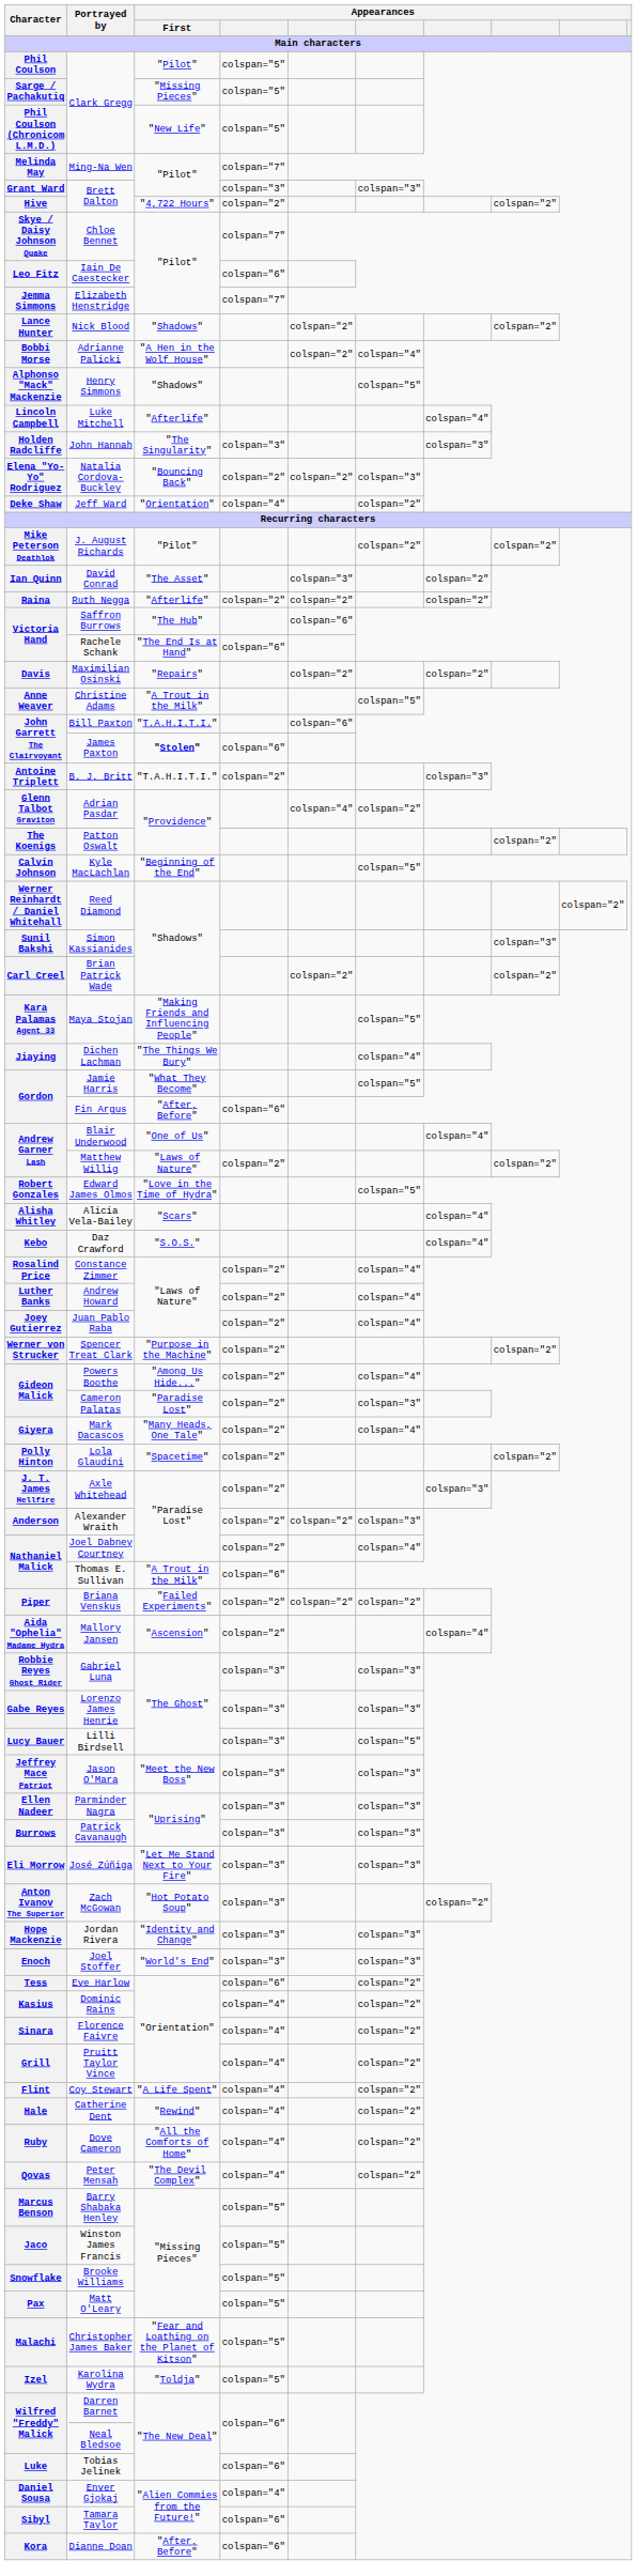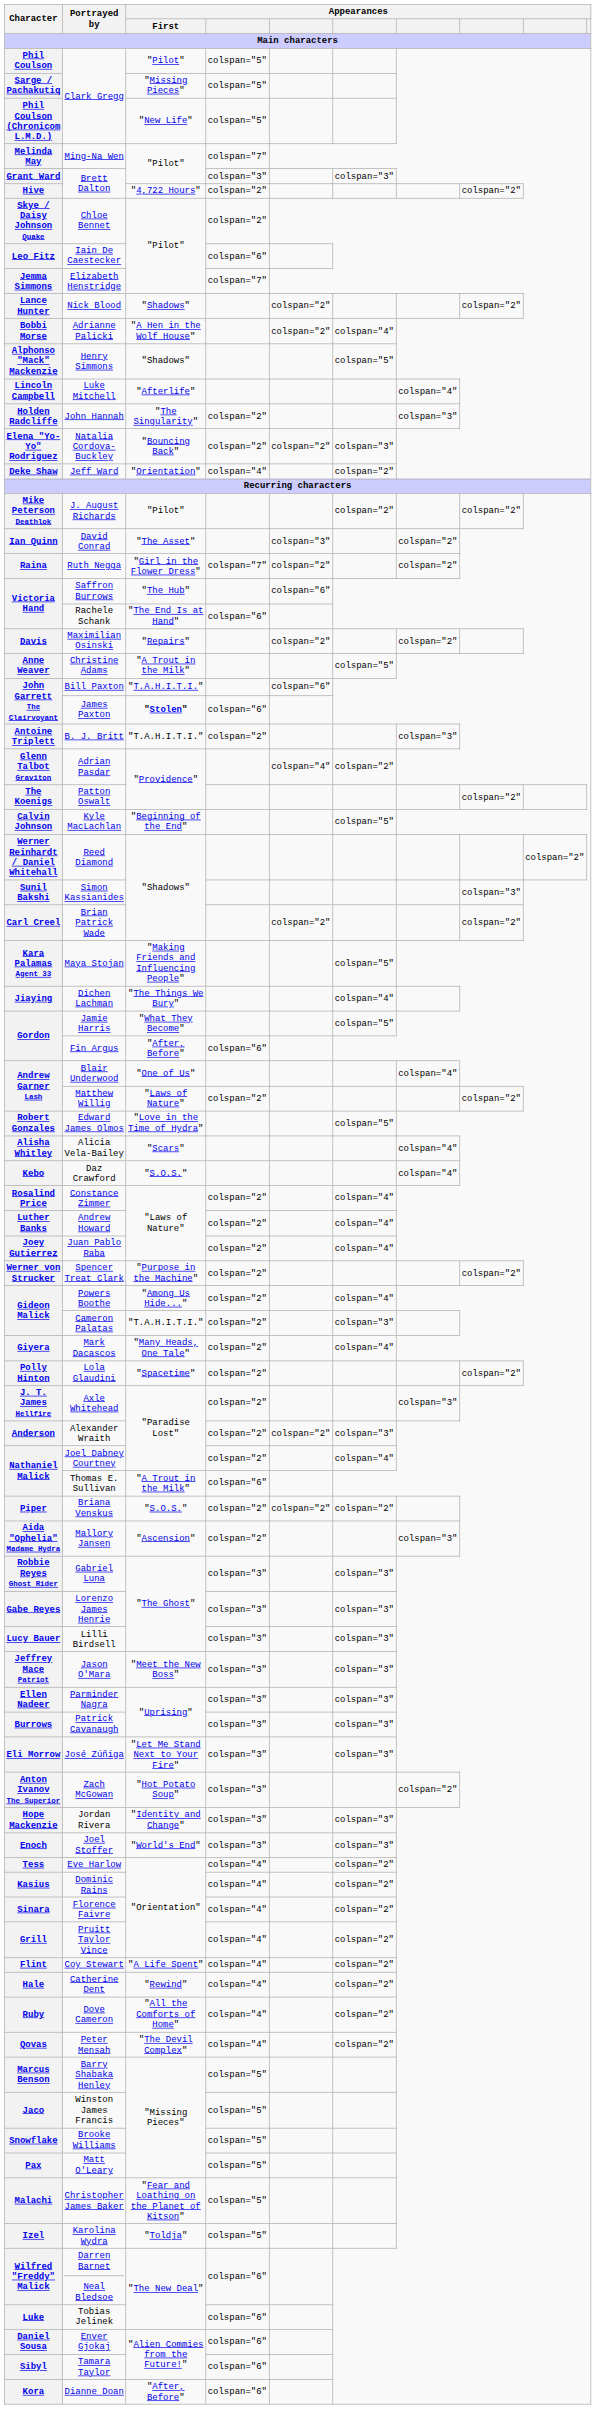 <table class="wikitable" style="text-align: center; width: auto;">
 <tr>
 <th scope="col" rowspan="2">Character</th>
 <th scope="col" rowspan="2">Portrayed by</th>
 <th scope="col" colspan="8">Appearances</th>
 </tr>
 <tr>
 <th scope="col">First</th>
 <th scope="col"></th>
 <th scope="col"></th>
 <th scope="col"></th>
 <th scope="col"></th>
 <th scope="col"></th>
 <th scope="col"></th>
 <th scope="col"></th>
 </tr>
 <tr>
 <th colspan="10" style="background-color: #ccccff;">Main characters</th>
 </tr>
 <tr>
 <th scope="row"><a href='#'>Phil Coulson</a></th>
 <td rowspan="3"><a href='#'>Clark Gregg</a></td>
 <td>"<a href='#'>Pilot</a>"</td>
 <td>colspan="5" </td>
 <td></td>
 <td></td>
 </tr>
 <tr>
 <th scope="row"><a href='#'>Sarge / Pachakutiq</a></th>
 <td>"<a href='#'>Missing Pieces</a>"</td>
 <td>colspan="5" </td>
 <td></td>
 <td></td>
 </tr>
 <tr>
 <th scope="row"><a href='#'>Phil Coulson<br>(Chronicom L.M.D.)</a></th>
 <td>"<a href='#'>New Life</a>"</td>
 <td>colspan="5" </td>
 <td></td>
 <td></td>
 </tr>
 <tr>
 <th scope="row"><a href='#'>Melinda May</a></th>
 <td><a href='#'>Ming-Na Wen</a></td>
 <td rowspan="2">"Pilot"</td>
 <td>colspan="7" </td>
 </tr>
 <tr>
 <th scope="row"><a href='#'>Grant Ward</a></th>
 <td rowspan="2"><a href='#'>Brett Dalton</a></td>
 <td>colspan="3" </td>
 <td></td>
 <td>colspan="3" </td>
 </tr>
 <tr>
 <th scope="row"><a href='#'>Hive</a></th>
 <td>"<a href='#'>4,722 Hours</a>"</td>
 <td>colspan="2" </td>
 <td></td>
 <td></td>
 <td></td>
 <td>colspan="2" </td>
 </tr>
 <tr>
 <th scope="row"><a href='#'>Skye / Daisy Johnson<br><small>Quake</small></a></th>
 <td><a href='#'>Chloe Bennet</a></td>
 <td rowspan="3">"Pilot"</td>
-<td>colspan="7" </td>
+<td>colspan="2" </td>
 </tr>
 <tr>
 <th scope="row"><a href='#'>Leo Fitz</a></th>
 <td><a href='#'>Iain De Caestecker</a></td>
 <td>colspan="6" </td>
 <td></td>
 </tr>
 <tr>
 <th scope="row"><a href='#'>Jemma Simmons</a></th>
 <td><a href='#'>Elizabeth Henstridge</a></td>
 <td>colspan="7" </td>
 </tr>
 <tr>
 <th scope="row"><a href='#'>Lance Hunter</a></th>
 <td><a href='#'>Nick Blood</a></td>
 <td>"<a href='#'>Shadows</a>"</td>
 <td></td>
 <td>colspan="2" </td>
 <td></td>
 <td></td>
 <td>colspan="2" </td>
 </tr>
 <tr>
 <th scope="row"><a href='#'>Bobbi Morse</a></th>
 <td><a href='#'>Adrianne Palicki</a></td>
 <td>"<a href='#'>A Hen in the Wolf House</a>"</td>
 <td></td>
 <td>colspan="2" </td>
 <td>colspan="4" </td>
 </tr>
 <tr>
 <th scope="row"><a href='#'>Alphonso "Mack" Mackenzie</a></th>
 <td><a href='#'>Henry Simmons</a></td>
 <td>"Shadows"</td>
 <td></td>
 <td></td>
 <td>colspan="5" </td>
 </tr>
 <tr>
 <th scope="row"><a href='#'>Lincoln Campbell</a></th>
 <td><a href='#'>Luke Mitchell</a></td>
 <td>"<a href='#'>Afterlife</a>"</td>
 <td></td>
 <td></td>
 <td></td>
 <td>colspan="4" </td>
 </tr>
 <tr>
 <th scope="row"><a href='#'>Holden Radcliffe</a></th>
 <td><a href='#'>John Hannah</a></td>
 <td>"<a href='#'>The Singularity</a>"</td>
-<td>colspan="3" </td>
+<td>colspan="2" </td>
 <td></td>
 <td></td>
 <td>colspan="3" </td>
 </tr>
 <tr>
 <th scope="row"><a href='#'>Elena "Yo-Yo" Rodriguez</a></th>
 <td><a href='#'>Natalia Cordova-Buckley</a></td>
 <td>"<a href='#'>Bouncing Back</a>"</td>
 <td>colspan="2" </td>
 <td>colspan="2" </td>
 <td>colspan="3" </td>
 </tr>
 <tr>
 <th scope="row"><a href='#'>Deke Shaw</a></th>
 <td><a href='#'>Jeff Ward</a></td>
 <td>"<a href='#'>Orientation</a>"</td>
 <td>colspan="4" </td>
 <td></td>
 <td>colspan="2" </td>
 </tr>
 <tr>
 <th colspan="10" style="background-color: #ccccff;">Recurring characters</th>
 </tr>
 <tr>
 <th scope="row"><a href='#'>Mike Peterson<br><small>Deathlok</small></a></th>
 <td><a href='#'>J. August Richards</a></td>
 <td>"Pilot"</td>
 <td></td>
 <td></td>
 <td>colspan="2" </td>
 <td></td>
 <td>colspan="2" </td>
 </tr>
 <tr>
 <th scope="row"><a href='#'>Ian Quinn</a></th>
 <td><a href='#'>David Conrad</a></td>
 <td>"<a href='#'>The Asset</a>"</td>
 <td></td>
 <td>colspan="3" </td>
 <td></td>
 <td>colspan="2" </td>
 </tr>
 <tr>
 <th scope="row"><a href='#'>Raina</a></th>
 <td><a href='#'>Ruth Negga</a></td>
-<td>"<a href='#'>Afterlife</a>"</td>
-<td>colspan="2" </td>
+<td>"<a href='#'>Girl in the Flower Dress</a>"</td>
+<td>colspan="7" </td>
 <td>colspan="2" </td>
 <td></td>
 <td>colspan="2" </td>
 </tr>
 <tr>
 <th scope="row" rowspan="2"><a href='#'>Victoria Hand</a></th>
 <td><a href='#'>Saffron Burrows</a></td>
 <td>"<a href='#'>The Hub</a>"</td>
 <td></td>
 <td>colspan="6" </td>
 </tr>
 <tr>
 <td>Rachele Schank</td>
 <td>"<a href='#'>The End Is at Hand</a>"</td>
 <td>colspan="6" </td>
 <td></td>
 </tr>
 <tr>
 <th scope="row"><a href='#'>Davis</a></th>
 <td><a href='#'>Maximilian Osinski</a></td>
 <td>"<a href='#'>Repairs</a>"</td>
 <td></td>
 <td>colspan="2" </td>
 <td></td>
 <td>colspan="2" </td>
 <td></td>
 </tr>
 <tr>
 <th scope="row"><a href='#'>Anne Weaver</a></th>
 <td><a href='#'>Christine Adams</a></td>
 <td>"<a href='#'>A Trout in the Milk</a>"</td>
 <td></td>
 <td></td>
 <td>colspan="5" </td>
 </tr>
 <tr>
 <th scope="row" rowspan="2"><a href='#'>John Garrett<br><small>The Clairvoyant</small></a></th>
 <td><a href='#'>Bill Paxton</a></td>
 <td>"<a href='#'>T.A.H.I.T.I.</a>"</td>
 <td></td>
 <td>colspan="6" </td>
 </tr>
 <tr>
 <td><a href='#'>James Paxton</a></td>
 <td><strong>"<a href='#'>Stolen</a>"</strong></td>
 <td>colspan="6" </td>
 <td></td>
 </tr>
 <tr>
 <th scope="row"><a href='#'>Antoine Triplett</a></th>
 <td><a href='#'>B. J. Britt</a></td>
 <td>"T.A.H.I.T.I."</td>
 <td>colspan="2" </td>
 <td></td>
 <td></td>
 <td>colspan="3" </td>
 </tr>
 <tr>
 <th scope="row"><a href='#'>Glenn Talbot<br><small>Graviton</small></a></th>
 <td><a href='#'>Adrian Pasdar</a></td>
 <td rowspan="2">"<a href='#'>Providence</a>"</td>
 <td></td>
 <td>colspan="4" </td>
 <td>colspan="2" </td>
 </tr>
 <tr>
 <th scope="row"><a href='#'>The Koenigs</a></th>
 <td><a href='#'>Patton Oswalt</a></td>
 <td></td>
 <td></td>
 <td></td>
 <td></td>
 <td>colspan="2" </td>
 <td></td>
 </tr>
 <tr>
 <th scope="row"><a href='#'>Calvin Johnson</a></th>
 <td><a href='#'>Kyle MacLachlan</a></td>
 <td>"<a href='#'>Beginning of the End</a>"</td>
 <td></td>
 <td></td>
 <td>colspan="5" </td>
 </tr>
 <tr>
 <th scope="row"><a href='#'>Werner Reinhardt / Daniel Whitehall</a></th>
 <td><a href='#'>Reed Diamond</a></td>
 <td rowspan="3">"Shadows"</td>
 <td></td>
 <td></td>
 <td></td>
 <td></td>
 <td></td>
 <td>colspan="2" </td>
 </tr>
 <tr>
 <th scope="row"><a href='#'>Sunil Bakshi</a></th>
 <td><a href='#'>Simon Kassianides</a></td>
 <td></td>
 <td></td>
 <td></td>
 <td></td>
 <td>colspan="3" </td>
 </tr>
 <tr>
 <th scope="row"><a href='#'>Carl Creel</a></th>
 <td><a href='#'>Brian Patrick Wade</a></td>
 <td></td>
 <td>colspan="2" </td>
 <td></td>
 <td></td>
 <td>colspan="2" </td>
 </tr>
 <tr>
 <th scope="row"><a href='#'>Kara Palamas<br><small>Agent 33</small></a></th>
 <td><a href='#'>Maya Stojan</a></td>
 <td>"<a href='#'>Making Friends and Influencing People</a>"</td>
 <td></td>
 <td></td>
 <td>colspan="5" </td>
 </tr>
 <tr>
 <th scope="row"><a href='#'>Jiaying</a></th>
 <td><a href='#'>Dichen Lachman</a></td>
 <td>"<a href='#'>The Things We Bury</a>"</td>
 <td></td>
 <td></td>
 <td>colspan="4" </td>
 <td></td>
 </tr>
 <tr>
 <th scope="row" rowspan="2"><a href='#'>Gordon</a></th>
 <td><a href='#'>Jamie Harris</a></td>
 <td>"<a href='#'>What They Become</a>"</td>
 <td></td>
 <td></td>
 <td>colspan="5" </td>
 </tr>
 <tr>
 <td><a href='#'>Fin Argus</a></td>
 <td>"<a href='#'>After, Before</a>"</td>
 <td>colspan="6" </td>
 <td></td>
 </tr>
 <tr>
 <th scope="row" rowspan="2"><a href='#'>Andrew Garner<br><small>Lash</small></a></th>
 <td><a href='#'>Blair Underwood</a></td>
 <td>"<a href='#'>One of Us</a>"</td>
 <td></td>
 <td></td>
 <td></td>
 <td>colspan="4" </td>
 </tr>
 <tr>
 <td><a href='#'>Matthew Willig</a></td>
 <td>"<a href='#'>Laws of Nature</a>"</td>
 <td>colspan="2" </td>
 <td></td>
 <td></td>
 <td></td>
 <td>colspan="2" </td>
 </tr>
 <tr>
 <th scope="row"><a href='#'>Robert Gonzales</a></th>
 <td><a href='#'>Edward James Olmos</a></td>
 <td>"<a href='#'>Love in the Time of Hydra</a>"</td>
 <td></td>
 <td></td>
 <td>colspan="5" </td>
 </tr>
 <tr>
 <th scope="row"><a href='#'>Alisha Whitley</a></th>
 <td>Alicia Vela-Bailey</td>
 <td>"<a href='#'>Scars</a>"</td>
 <td></td>
 <td></td>
 <td></td>
 <td>colspan="4" </td>
 </tr>
 <tr>
 <th scope="row"><a href='#'>Kebo</a></th>
 <td>Daz Crawford</td>
 <td>"<a href='#'>S.O.S.</a>"</td>
 <td></td>
 <td></td>
 <td></td>
 <td>colspan="4" </td>
 </tr>
 <tr>
 <th scope="row"><a href='#'>Rosalind Price</a></th>
 <td><a href='#'>Constance Zimmer</a></td>
 <td rowspan="3">"Laws of Nature"</td>
 <td>colspan="2" </td>
 <td></td>
 <td>colspan="4" </td>
 </tr>
 <tr>
 <th scope="row"><a href='#'>Luther Banks</a></th>
 <td><a href='#'>Andrew Howard</a></td>
 <td>colspan="2" </td>
 <td></td>
 <td>colspan="4" </td>
 </tr>
 <tr>
 <th scope="row"><a href='#'>Joey Gutierrez</a></th>
 <td><a href='#'>Juan Pablo Raba</a></td>
 <td>colspan="2" </td>
 <td></td>
 <td>colspan="4" </td>
 </tr>
 <tr>
 <th scope="row"><a href='#'>Werner von Strucker</a></th>
 <td><a href='#'>Spencer Treat Clark</a></td>
 <td>"<a href='#'>Purpose in the Machine</a>"</td>
 <td>colspan="2" </td>
 <td></td>
 <td></td>
 <td></td>
 <td>colspan="2" </td>
 </tr>
 <tr>
 <th scope="row" rowspan="2"><a href='#'>Gideon Malick</a></th>
 <td><a href='#'>Powers Boothe</a></td>
 <td>"<a href='#'>Among Us Hide...</a>"</td>
 <td>colspan="2" </td>
 <td></td>
 <td>colspan="4" </td>
 </tr>
 <tr>
 <td><a href='#'>Cameron Palatas</a></td>
-<td>"<a href='#'>Paradise Lost</a>"</td>
+<td>"T.A.H.I.T.I."</td>
 <td>colspan="2" </td>
 <td></td>
 <td>colspan="3" </td>
 <td></td>
 </tr>
 <tr>
 <th scope="row"><a href='#'>Giyera</a></th>
 <td><a href='#'>Mark Dacascos</a></td>
 <td>"<a href='#'>Many Heads, One Tale</a>"</td>
 <td>colspan="2" </td>
 <td></td>
 <td>colspan="4" </td>
 </tr>
 <tr>
 <th scope="row"><a href='#'>Polly Hinton</a></th>
 <td><a href='#'>Lola Glaudini</a></td>
 <td>"<a href='#'>Spacetime</a>"</td>
 <td>colspan="2" </td>
 <td></td>
 <td></td>
 <td></td>
 <td>colspan="2" </td>
 </tr>
 <tr>
 <th scope="row"><a href='#'>J. T. James<br><small>Hellfire</small></a></th>
 <td><a href='#'>Axle Whitehead</a></td>
 <td rowspan="3">"Paradise Lost"</td>
 <td>colspan="2" </td>
 <td></td>
 <td></td>
 <td>colspan="3" </td>
 </tr>
 <tr>
 <th scope="row"><a href='#'>Anderson</a></th>
 <td>Alexander Wraith</td>
 <td>colspan="2" </td>
 <td>colspan="2" </td>
 <td>colspan="3" </td>
 </tr>
 <tr>
 <th scope="row" rowspan="2"><a href='#'>Nathaniel Malick</a></th>
 <td><a href='#'>Joel Dabney Courtney</a></td>
 <td>colspan="2" </td>
 <td></td>
 <td>colspan="4" </td>
 </tr>
 <tr>
 <td>Thomas E. Sullivan</td>
 <td>"<a href='#'>A Trout in the Milk</a>"</td>
 <td>colspan="6" </td>
 <td></td>
 </tr>
 <tr>
 <th scope="row"><a href='#'>Piper</a></th>
 <td><a href='#'>Briana Venskus</a></td>
-<td>"<a href='#'>Failed Experiments</a>"</td>
+<td>"<a href='#'>S.O.S.</a>"</td>
 <td>colspan="2" </td>
 <td>colspan="2" </td>
 <td>colspan="2" </td>
 <td></td>
 </tr>
 <tr>
 <th scope="row"><a href='#'>Aida "Ophelia"<br><small>Madame Hydra</small></a></th>
 <td><a href='#'>Mallory Jansen</a></td>
 <td>"<a href='#'>Ascension</a>"</td>
 <td>colspan="2" </td>
 <td></td>
 <td></td>
-<td>colspan="4" </td>
+<td>colspan="3" </td>
 </tr>
 <tr>
 <th scope="row"><a href='#'>Robbie Reyes<br><small>Ghost Rider</small></a></th>
 <td><a href='#'>Gabriel Luna</a></td>
 <td rowspan="3">"<a href='#'>The Ghost</a>"</td>
 <td>colspan="3" </td>
 <td></td>
 <td>colspan="3" </td>
 </tr>
 <tr>
 <th scope="row"><a href='#'>Gabe Reyes</a></th>
 <td><a href='#'>Lorenzo James Henrie</a></td>
 <td>colspan="3" </td>
 <td></td>
 <td>colspan="3" </td>
 </tr>
 <tr>
 <th scope="row"><a href='#'>Lucy Bauer</a></th>
 <td>Lilli Birdsell</td>
 <td>colspan="3" </td>
 <td></td>
-<td>colspan="5" </td>
+<td>colspan="3" </td>
 </tr>
 <tr>
 <th scope="row"><a href='#'>Jeffrey Mace<br><small>Patriot</small></a></th>
 <td><a href='#'>Jason O'Mara</a></td>
 <td>"<a href='#'>Meet the New Boss</a>"</td>
 <td>colspan="3" </td>
 <td></td>
 <td>colspan="3" </td>
 </tr>
 <tr>
 <th scope="row"><a href='#'>Ellen Nadeer</a></th>
 <td><a href='#'>Parminder Nagra</a></td>
 <td rowspan="2">"<a href='#'>Uprising</a>"</td>
 <td>colspan="3" </td>
 <td></td>
 <td>colspan="3" </td>
 </tr>
 <tr>
 <th scope="row"><a href='#'>Burrows</a></th>
 <td><a href='#'>Patrick Cavanaugh</a></td>
 <td>colspan="3" </td>
 <td></td>
 <td>colspan="3" </td>
 </tr>
 <tr>
 <th scope="row"><a href='#'>Eli Morrow</a></th>
 <td><a href='#'>José Zúñiga</a></td>
 <td>"<a href='#'>Let Me Stand Next to Your Fire</a>"</td>
 <td>colspan="3" </td>
 <td></td>
 <td>colspan="3" </td>
 </tr>
 <tr>
 <th scope="row"><a href='#'>Anton Ivanov<br><small>The Superior</small></a></th>
 <td><a href='#'>Zach McGowan</a></td>
 <td>"<a href='#'>Hot Potato Soup</a>"</td>
 <td>colspan="3" </td>
 <td></td>
 <td></td>
 <td>colspan="2" </td>
 </tr>
 <tr>
 <th scope="row"><a href='#'>Hope Mackenzie</a></th>
 <td>Jordan Rivera</td>
 <td>"<a href='#'>Identity and Change</a>"</td>
 <td>colspan="3" </td>
 <td></td>
 <td>colspan="3" </td>
 </tr>
 <tr>
 <th scope="row"><a href='#'>Enoch</a></th>
 <td><a href='#'>Joel Stoffer</a></td>
 <td>"<a href='#'>World's End</a>"</td>
 <td>colspan="3" </td>
 <td></td>
 <td>colspan="3" </td>
 </tr>
 <tr>
 <th scope="row"><a href='#'>Tess</a></th>
 <td><a href='#'>Eve Harlow</a></td>
 <td rowspan="4">"Orientation"</td>
-<td>colspan="6" </td>
+<td>colspan="4" </td>
 <td></td>
 <td>colspan="2" </td>
 </tr>
 <tr>
 <th scope="row"><a href='#'>Kasius</a></th>
 <td><a href='#'>Dominic Rains</a></td>
 <td>colspan="4" </td>
 <td></td>
 <td>colspan="2" </td>
 </tr>
 <tr>
 <th scope="row"><a href='#'>Sinara</a></th>
 <td><a href='#'>Florence Faivre</a></td>
 <td>colspan="4" </td>
 <td></td>
 <td>colspan="2" </td>
 </tr>
 <tr>
 <th scope="row"><a href='#'>Grill</a></th>
 <td><a href='#'>Pruitt Taylor Vince</a></td>
 <td>colspan="4" </td>
 <td></td>
 <td>colspan="2" </td>
 </tr>
 <tr>
 <th scope="row"><a href='#'>Flint</a></th>
 <td><a href='#'>Coy Stewart</a></td>
 <td>"<a href='#'>A Life Spent</a>"</td>
 <td>colspan="4" </td>
 <td></td>
 <td>colspan="2" </td>
 </tr>
 <tr>
 <th scope="row"><a href='#'>Hale</a></th>
 <td><a href='#'>Catherine Dent</a></td>
 <td>"<a href='#'>Rewind</a>"</td>
 <td>colspan="4" </td>
 <td></td>
 <td>colspan="2" </td>
 </tr>
 <tr>
 <th scope="row"><a href='#'>Ruby</a></th>
 <td><a href='#'>Dove Cameron</a></td>
 <td>"<a href='#'>All the Comforts of Home</a>"</td>
 <td>colspan="4" </td>
 <td></td>
 <td>colspan="2" </td>
 </tr>
 <tr>
 <th scope="row"><a href='#'>Qovas</a></th>
 <td><a href='#'>Peter Mensah</a></td>
 <td>"<a href='#'>The Devil Complex</a>"</td>
 <td>colspan="4" </td>
 <td></td>
 <td>colspan="2" </td>
 </tr>
 <tr>
 <th scope="row"><a href='#'>Marcus Benson</a></th>
 <td><a href='#'>Barry Shabaka Henley</a></td>
 <td rowspan="4">"Missing Pieces"</td>
 <td>colspan="5" </td>
 <td></td>
 <td></td>
 </tr>
 <tr>
 <th scope="row"><a href='#'>Jaco</a></th>
 <td>Winston James Francis</td>
 <td>colspan="5" </td>
 <td></td>
 <td></td>
 </tr>
 <tr>
 <th scope="row"><a href='#'>Snowflake</a></th>
 <td><a href='#'>Brooke Williams</a></td>
 <td>colspan="5" </td>
 <td></td>
 <td></td>
 </tr>
 <tr>
 <th scope="row"><a href='#'>Pax</a></th>
 <td><a href='#'>Matt O'Leary</a></td>
 <td>colspan="5" </td>
 <td></td>
 <td></td>
 </tr>
 <tr>
 <th scope="row"><a href='#'>Malachi</a></th>
 <td><a href='#'>Christopher James Baker</a></td>
 <td>"<a href='#'>Fear and Loathing on<br> the Planet of Kitson</a>"</td>
 <td>colspan="5" </td>
 <td></td>
 <td></td>
 </tr>
 <tr>
 <th scope="row"><a href='#'>Izel</a></th>
 <td><a href='#'>Karolina Wydra</a></td>
 <td>"<a href='#'>Toldja</a>"</td>
 <td>colspan="5" </td>
 <td></td>
 <td></td>
 </tr>
 <tr>
 <th scope="row"><a href='#'>Wilfred "Freddy" Malick</a></th>
 <td><a href='#'>Darren Barnet</a><hr><a href='#'>Neal Bledsoe</a></td>
 <td rowspan="2">"<a href='#'>The New Deal</a>"</td>
 <td>colspan="6" </td>
 <td></td>
 </tr>
 <tr>
 <th scope="row"><a href='#'>Luke</a></th>
 <td>Tobias Jelinek</td>
 <td>colspan="6" </td>
 <td></td>
 </tr>
 <tr>
 <th scope="row"><a href='#'>Daniel Sousa</a></th>
 <td><a href='#'>Enver Gjokaj</a></td>
 <td rowspan="2">"<a href='#'>Alien Commies from the Future!</a>"</td>
-<td>colspan="4" </td>
+<td>colspan="6" </td>
 <td></td>
 </tr>
 <tr>
 <th scope="row"><a href='#'>Sibyl</a></th>
 <td><a href='#'>Tamara Taylor</a></td>
 <td>colspan="6" </td>
 <td></td>
 </tr>
 <tr>
 <th scope="row"><a href='#'>Kora</a></th>
 <td><a href='#'>Dianne Doan</a></td>
 <td>"<a href='#'>After, Before</a>"</td>
 <td>colspan="6" </td>
 <td></td>
 </tr>
 </table>
